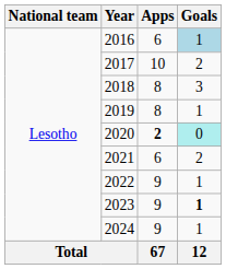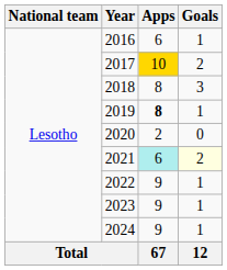 <table class="wikitable" style="text-align:center">
 <tr>
 <th>National team</th>
 <th>Year</th>
 <th>Apps</th>
 <th>Goals</th>
 </tr>
 <tr>
 <td rowspan="9"><a href='#'>Lesotho</a></td>
 <td>2016</td>
 <td>6</td>
-<td style="background: lightblue;">1</td>
+<td>1</td>
 </tr>
 <tr>
 <td>2017</td>
-<td>10</td>
+<td style="background: gold;">10</td>
 <td>2</td>
 </tr>
 <tr>
 <td>2018</td>
 <td>8</td>
 <td>3</td>
 </tr>
 <tr>
 <td>2019</td>
-<td>8</td>
+<td><strong>8</strong></td>
 <td>1</td>
 </tr>
 <tr>
 <td>2020</td>
-<td><strong>2</strong></td>
-<td style="background: paleturquoise;">0</td>
+<td>2</td>
+<td>0</td>
 </tr>
 <tr>
 <td>2021</td>
-<td>6</td>
-<td>2</td>
+<td style="background: paleturquoise;">6</td>
+<td style="background: lightyellow;">2</td>
 </tr>
 <tr>
 <td>2022</td>
 <td>9</td>
 <td>1</td>
 </tr>
 <tr>
 <td>2023</td>
 <td>9</td>
-<td><strong>1</strong></td>
+<td>1</td>
 </tr>
 <tr>
 <td>2024</td>
 <td>9</td>
 <td>1</td>
 </tr>
 <tr>
 <th colspan="2">Total</th>
 <th>67</th>
 <th>12</th>
 </tr>
 </table>
